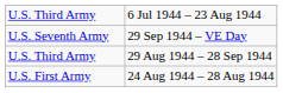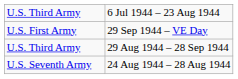 <table class="wikitable">
 <tr>
 <td><a href='#'>U.S. Third Army</a>        </td>
 <td>6 Jul 1944 – 23 Aug 1944</td>
 </tr>
 <tr>
-<td><a href='#'>U.S. Seventh Army</a></td>
+<td><a href='#'>U.S. First Army</a></td>
 <td>29 Sep 1944 – <a href='#'>VE Day</a></td>
 </tr>
 <tr>
 <td><a href='#'>U.S. Third Army</a></td>
 <td>29 Aug 1944 – 28 Sep 1944</td>
 </tr>
 <tr>
-<td><a href='#'>U.S. First Army</a></td>
+<td><a href='#'>U.S. Seventh Army</a></td>
 <td>24 Aug 1944 – 28 Aug 1944</td>
 </tr>
 </table>
